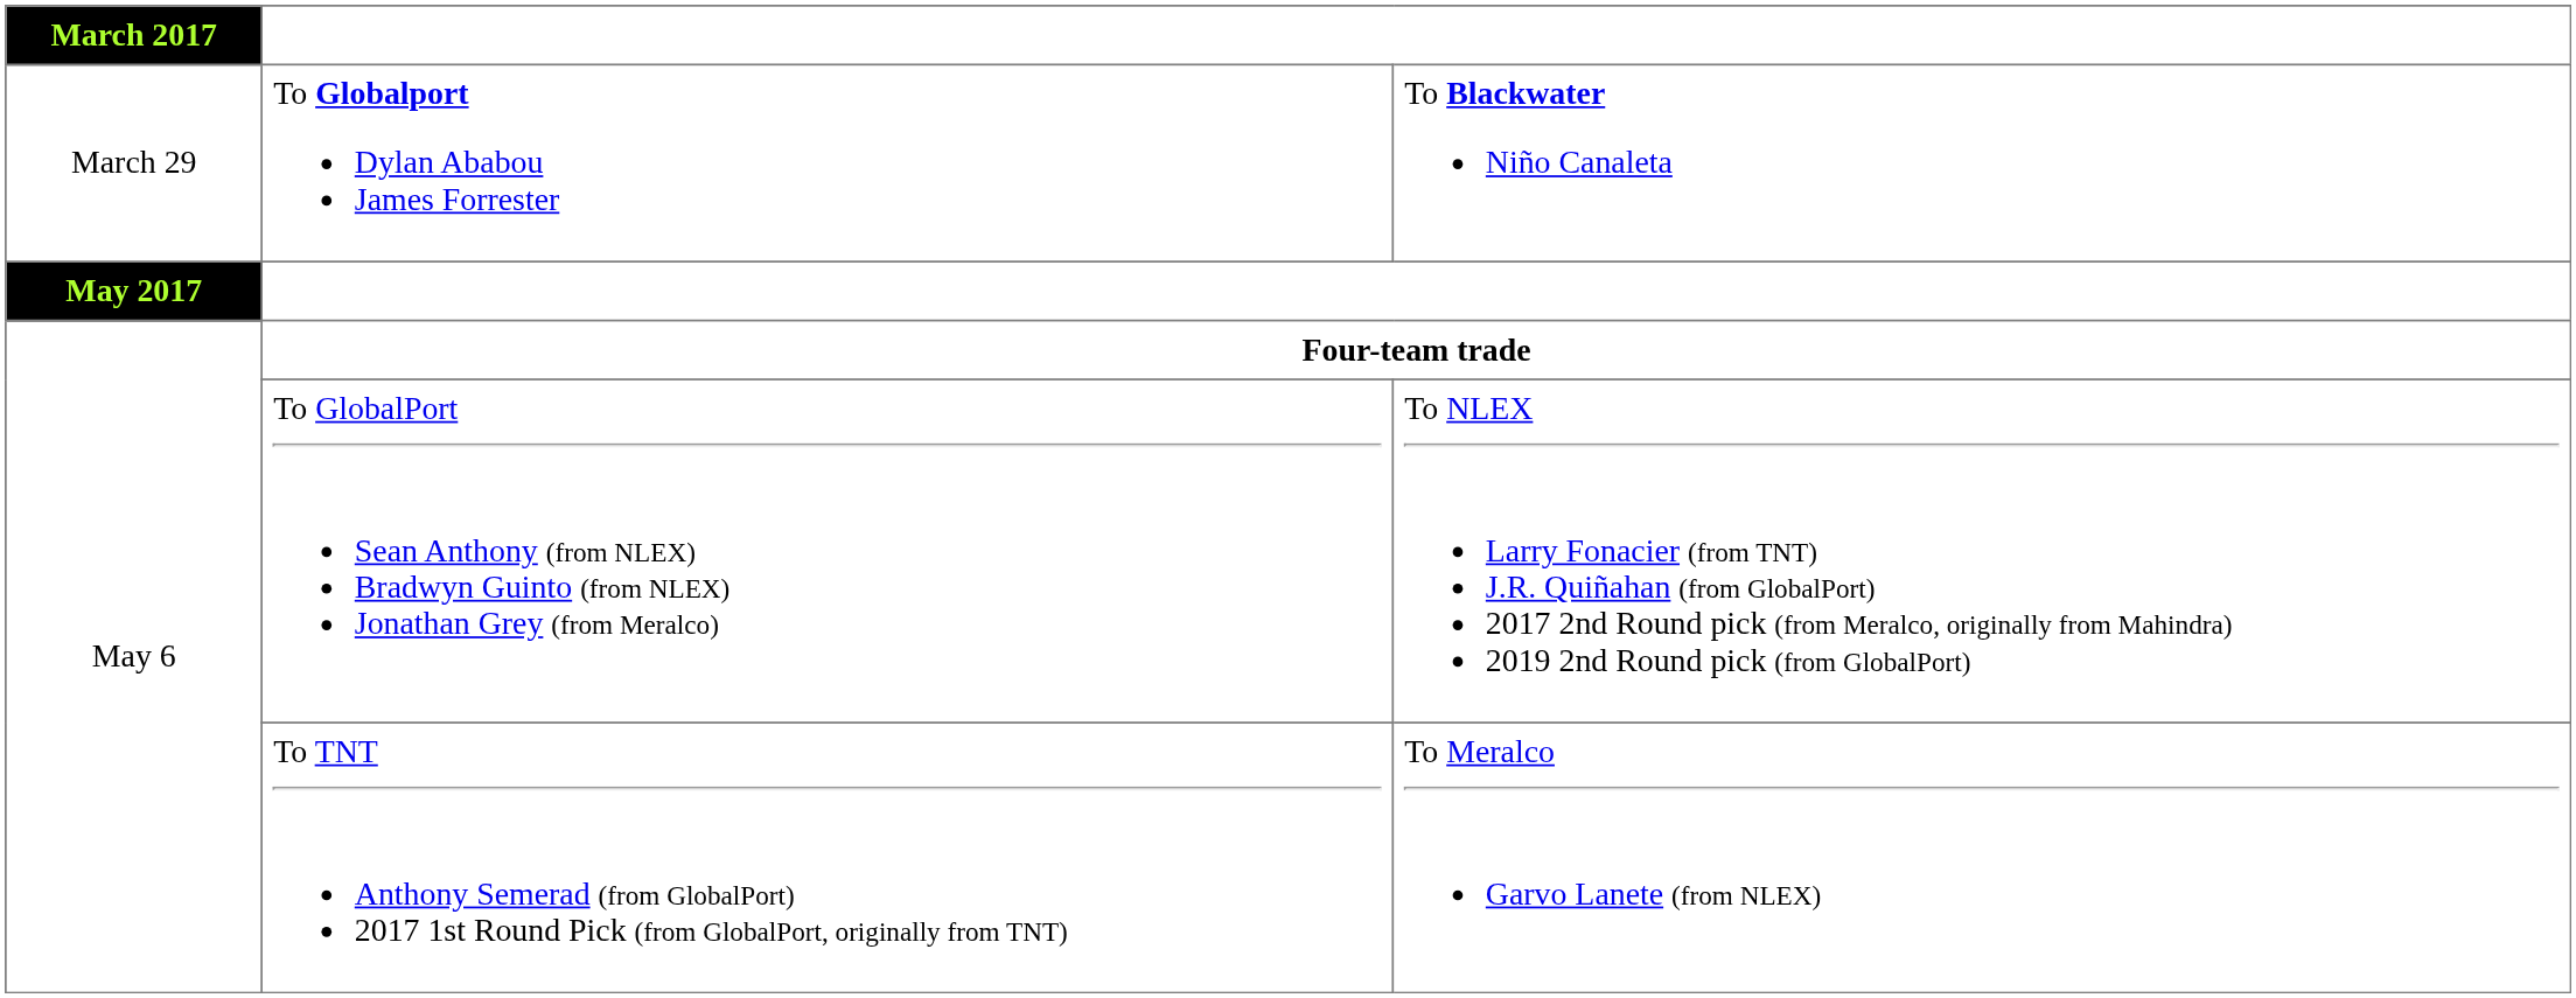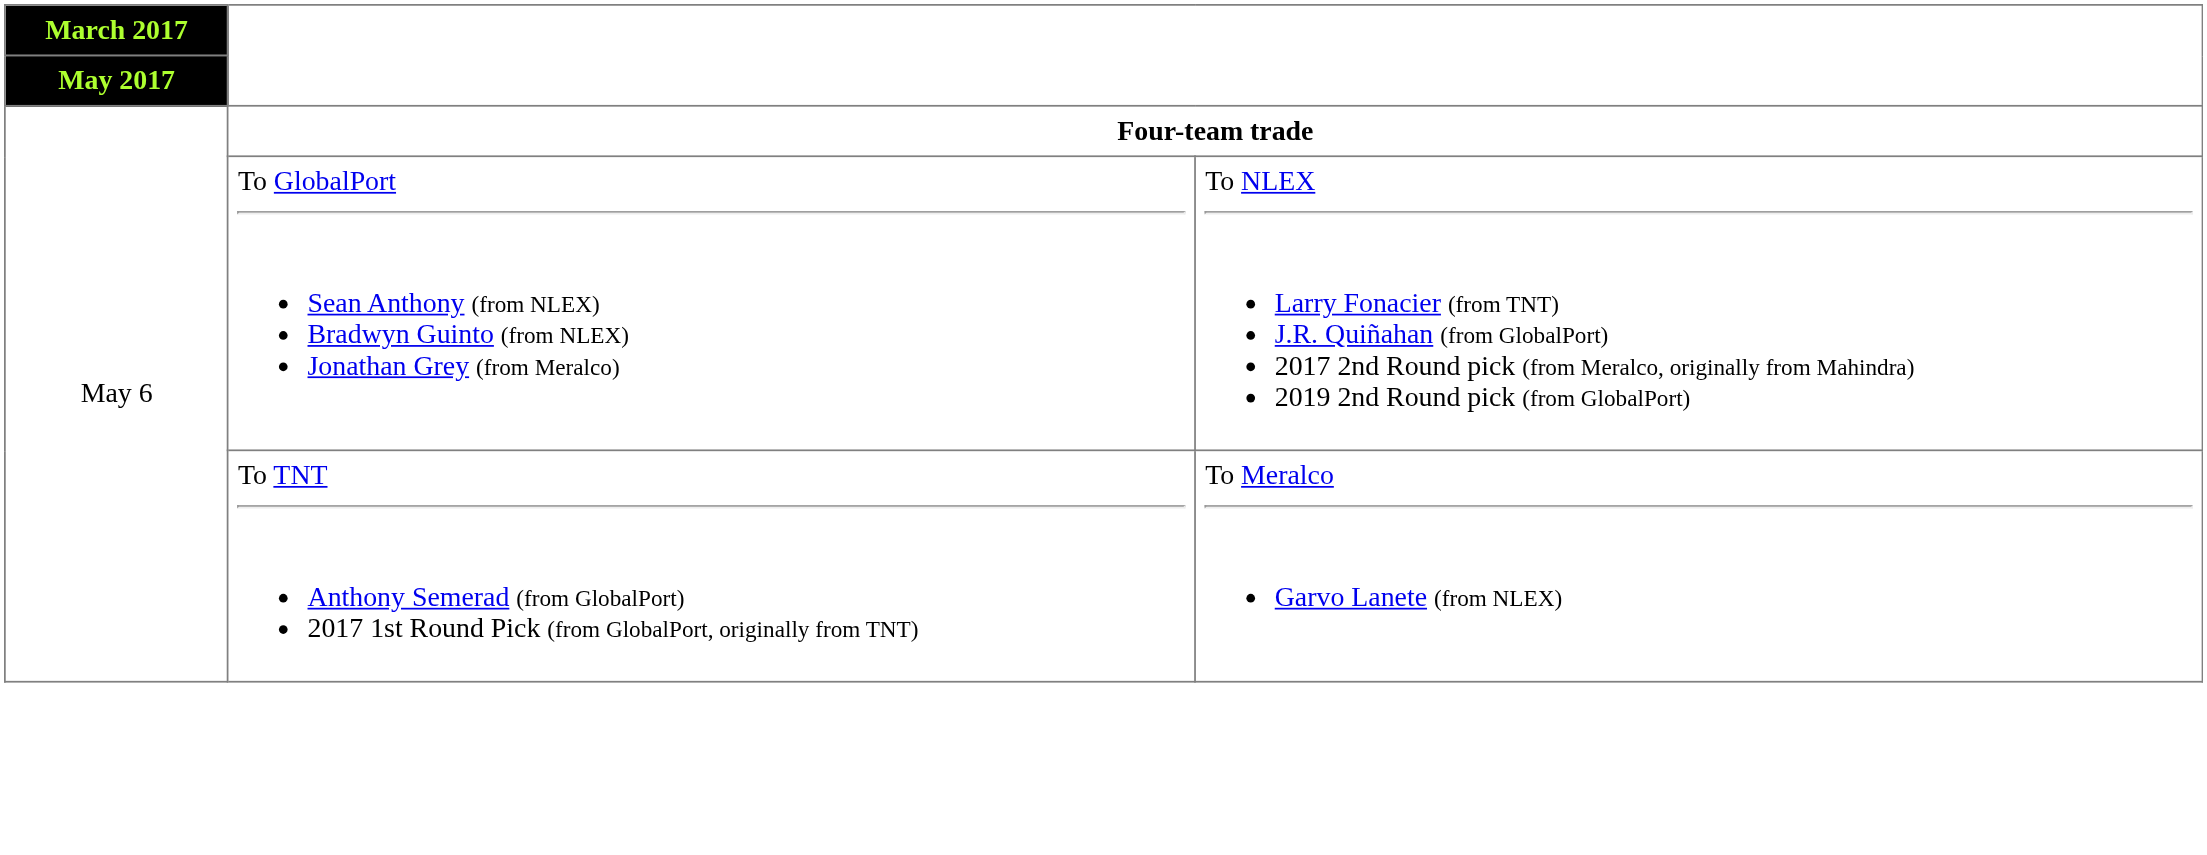 <table border="1" style="border-collapse:collapse; text-align:center; width:100%;"  cellpadding="5">
 <tr style="background:#eee;">
 <th style="background:#000000; color:#ADFF2F; ">March 2017</th>
-</tr>
-<tr>
-<td style="width:10%">March 29</td>
-<td align=left valign=top>To <strong><a href='#'>Globalport</a></strong><br><ul><li><a href='#'>Dylan Ababou</a></li><li><a href='#'>James Forrester</a></li></ul></td>
-<td align=left valign=top>To <strong><a href='#'>Blackwater</a></strong><br><ul><li><a href='#'>Niño Canaleta</a></li></ul></td>
 </tr>
 <tr>
 <th style="background:#000000; color:#ADFF2F; ">May 2017</th>
 </tr>
 <tr>
 <td rowspan=3>May 6</td>
 <td colspan=2><strong>Four-team trade</strong></td>
 </tr>
 <tr>
 <td align=left valign=top>To <a href='#'>GlobalPort</a><hr><br><ul><li><a href='#'>Sean Anthony</a> <small>(from NLEX)</small></li><li><a href='#'>Bradwyn Guinto</a> <small>(from NLEX)</small></li><li><a href='#'>Jonathan Grey</a> <small>(from Meralco)</small></li></ul></td>
 <td align=left valign=top>To <a href='#'>NLEX</a><hr><br><ul><li><a href='#'>Larry Fonacier</a> <small>(from TNT)</small></li><li><a href='#'>J.R. Quiñahan</a> <small>(from GlobalPort)</small></li><li>2017 2nd Round pick <small>(from Meralco, originally from Mahindra)</small></li><li>2019 2nd Round pick <small>(from GlobalPort)</small></li></ul></td>
 </tr>
 <tr>
 <td align=left valign=top>To <a href='#'>TNT</a><hr><br><ul><li><a href='#'>Anthony Semerad</a> <small>(from GlobalPort)</small></li><li>2017 1st Round Pick <small>(from GlobalPort, originally from TNT)</small></li></ul></td>
 <td align=left valign=top>To <a href='#'>Meralco</a><hr><br><ul><li><a href='#'>Garvo Lanete</a> <small>(from NLEX)</small></li></ul></td>
 </tr>
 </table>
